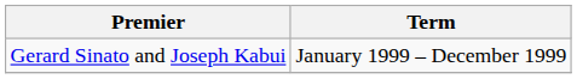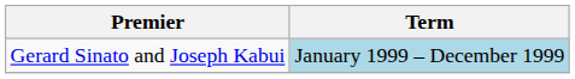 <table class="wikitable">
 <tr>
 <th><strong>Premier</strong></th>
 <th><strong>Term</strong></th>
 </tr>
 <tr>
 <td><a href='#'>Gerard Sinato</a> and <a href='#'>Joseph Kabui</a></td>
-<td>January 1999 – December 1999</td>
+<td style="background: lightblue;">January 1999 – December 1999</td>
 </tr>
 <tr>
 </tr>
 </table>
